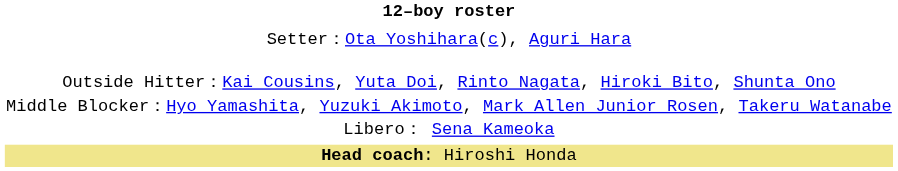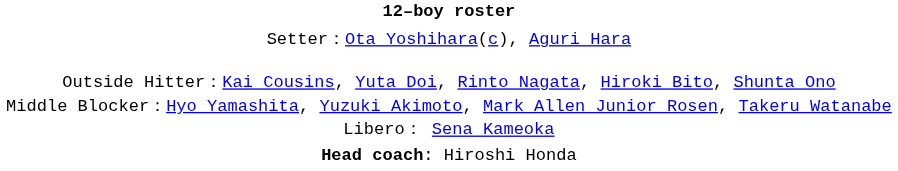 <table style="text-align: center; margin-top: 2em; margin-left: auto; margin-right: auto">
 <tr>
 <td><strong>12–boy roster</strong></td>
 </tr>
 <tr>
 <td>Setter：<a href='#'>Ota Yoshihara</a>(<a href='#'>c</a>), <a href='#'>Aguri Hara</a><br><br>Outside Hitter：<a href='#'>Kai Cousins</a>, <a href='#'>Yuta Doi</a>, <a href='#'>Rinto Nagata</a>, <a href='#'>Hiroki Bito</a>, <a href='#'>Shunta Ono</a><br> Middle Blocker：<a href='#'>Hyo Yamashita</a>, <a href='#'>Yuzuki Akimoto</a>, <a href='#'>Mark Allen Junior Rosen</a>, <a href='#'>Takeru Watanabe</a><br> Libero： <a href='#'>Sena Kameoka</a></td>
 </tr>
 <tr>
-<td style="background: khaki;"><strong>Head coach</strong>: Hiroshi Honda</td>
+<td><strong>Head coach</strong>: Hiroshi Honda</td>
 </tr>
 <tr>
 <td></td>
 </tr>
 </table>
